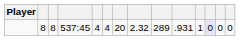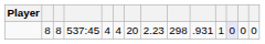 <table class="wikitable sortable" style="text-align:center;">
 <tr>
 <th>Player</th>
 <th></th>
 <th></th>
 <th></th>
 <th></th>
 <th></th>
 <th></th>
 <th></th>
 <th></th>
 <th></th>
 <th></th>
 <th></th>
 <th></th>
 <th></th>
 </tr>
 <tr>
 <td></td>
 <td>8</td>
 <td>8</td>
 <td>537:45</td>
 <td>4</td>
 <td>4</td>
 <td>20</td>
-<td>2.32</td>
-<td>289</td>
+<td>2.23</td>
+<td>298</td>
 <td>.931</td>
 <td>1</td>
 <td style="background: lavender;">0</td>
 <td>0</td>
 <td>0</td>
 </tr>
 </table>
